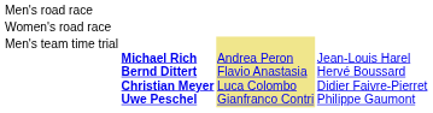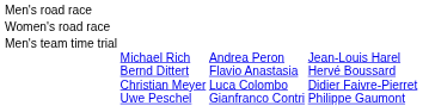 <table>
 <tr>
 <td>Men's road race<br></td>
 <td></td>
 <td></td>
 <td></td>
 </tr>
 <tr>
 <td>Women's road race<br></td>
 <td></td>
 <td></td>
 <td></td>
 </tr>
 <tr valign="top">
 <td>Men's team time trial<br></td>
-<td><strong><br><a href='#'>Michael Rich</a><br><a href='#'>Bernd Dittert</a><br><a href='#'>Christian Meyer</a><br><a href='#'>Uwe Peschel</a></strong></td>
-<td style="background: khaki;"><br><a href='#'>Andrea Peron</a><br><a href='#'>Flavio Anastasia</a><br><a href='#'>Luca Colombo</a><br><a href='#'>Gianfranco Contri</a></td>
+<td><br><a href='#'>Michael Rich</a><br><a href='#'>Bernd Dittert</a><br><a href='#'>Christian Meyer</a><br><a href='#'>Uwe Peschel</a></td>
+<td><br><a href='#'>Andrea Peron</a><br><a href='#'>Flavio Anastasia</a><br><a href='#'>Luca Colombo</a><br><a href='#'>Gianfranco Contri</a></td>
 <td><br><a href='#'>Jean-Louis Harel</a><br><a href='#'>Hervé Boussard</a><br><a href='#'>Didier Faivre-Pierret</a><br><a href='#'>Philippe Gaumont</a></td>
 </tr>
 </table>
